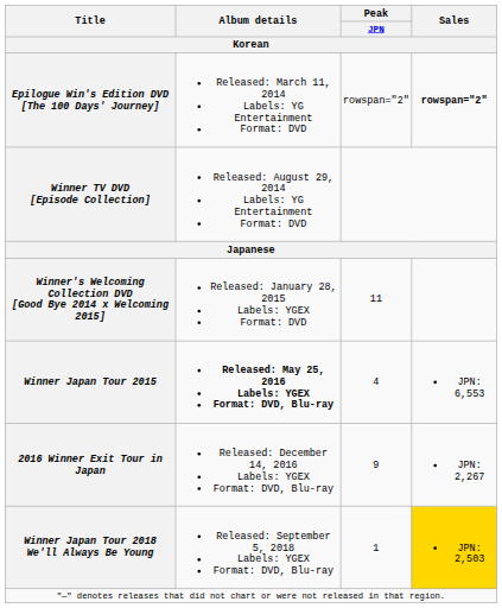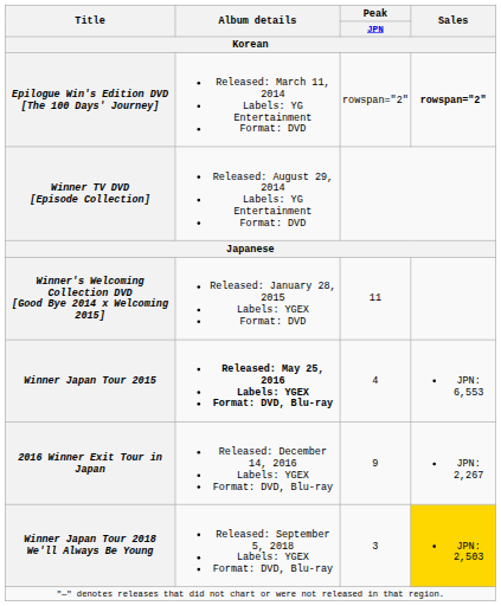 <table class="wikitable plainrowheaders" style="text-align:center;">
 <tr>
 <th scope="col" rowspan="2" style="width:16.5em;">Title</th>
 <th scope="col" rowspan="2" style="width:16em;">Album details</th>
 <th scope="col" colspan="1">Peak</th>
 <th scope="col" rowspan="2" style="width:8em;">Sales</th>
 </tr>
 <tr>
 <th scope="col" style="width:2.5em;font-size:90%;"><a href='#'>JPN</a><br></th>
 </tr>
 <tr>
 <th colspan="4">Korean</th>
 </tr>
 <tr>
 <th scope="row"><em>Epilogue Win's Edition DVD<br>[The 100 Days' Journey]</em></th>
 <td><br><ul><li>Released: March 11, 2014</li><li>Labels: YG Entertainment</li><li>Format: DVD</li></ul></td>
 <td>rowspan="2" </td>
 <td><strong>rowspan="2" </strong></td>
 </tr>
 <tr>
 <th scope="row"><em>Winner TV DVD<br>[Episode Collection]</em></th>
 <td><br><ul><li>Released: August 29, 2014</li><li>Labels: YG Entertainment</li><li>Format: DVD</li></ul></td>
 </tr>
 <tr>
 <th colspan="4">Japanese</th>
 </tr>
 <tr>
 <th scope="row"><em>Winner's Welcoming Collection DVD<br>[Good Bye 2014 x Welcoming 2015]</em></th>
 <td><br><ul><li>Released: January 28, 2015</li><li>Labels: YGEX</li><li>Format: DVD</li></ul></td>
 <td>11</td>
 <td></td>
 </tr>
 <tr>
 <th scope="row"><em>Winner Japan Tour 2015</em></th>
 <td><strong><br><ul><li>Released: May 25, 2016</li><li>Labels: YGEX</li><li>Format: DVD, Blu-ray</li></ul></strong></td>
 <td>4</td>
 <td><br><ul><li>JPN: 6,553</li></ul></td>
 </tr>
 <tr>
 <th scope="row"><em>2016 Winner Exit Tour in Japan</em></th>
 <td><br><ul><li>Released: December 14, 2016</li><li>Labels: YGEX</li><li>Format: DVD, Blu-ray</li></ul></td>
 <td>9</td>
 <td><br><ul><li>JPN: 2,267</li></ul></td>
 </tr>
 <tr>
 <th scope="row"><em>Winner Japan Tour 2018<br>We'll Always Be Young</em></th>
 <td><br><ul><li>Released: September 5, 2018</li><li>Labels: YGEX</li><li>Format: DVD, Blu-ray</li></ul></td>
-<td>1</td>
+<td>3</td>
 <td style="background: gold;"><br><ul><li>JPN: 2,503</li></ul></td>
 </tr>
 <tr>
 <td colspan="19" align="center" style="font-size:85%">"—" denotes releases that did not chart or were not released in that region.</td>
 </tr>
 </table>
